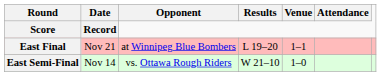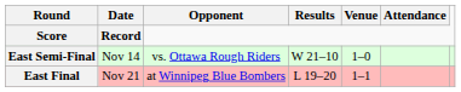 <table class="wikitable" style="text-align:center">
 <tr>
 <th>Round</th>
 <th>Date</th>
 <th>Opponent</th>
 <th>Results</th>
 <th>Venue</th>
 <th>Attendance</th>
 </tr>
 <tr>
 <th>Score</th>
 <th>Record</th>
 </tr>
+<tr style="background:#ddffdd">
+<th>East Semi-Final</th>
+<td>Nov 14</td>
+<td>vs. <a href='#'>Ottawa Rough Riders</a></td>
+<td>W 21–10</td>
+<td>1–0</td>
+<td></td>
+<td></td>
+</tr>
 <tr style="background:#ffbbbb">
 <th>East Final</th>
 <td>Nov 21</td>
 <td>at <a href='#'>Winnipeg Blue Bombers</a></td>
 <td>L 19–20</td>
 <td>1–1</td>
 <td></td>
 <td></td>
 </tr>
-<tr style="background:#ddffdd">
-<th>East Semi-Final</th>
-<td>Nov 14</td>
-<td>vs. <a href='#'>Ottawa Rough Riders</a></td>
-<td>W 21–10</td>
-<td>1–0</td>
-<td></td>
-<td></td>
-</tr>
 </table>
